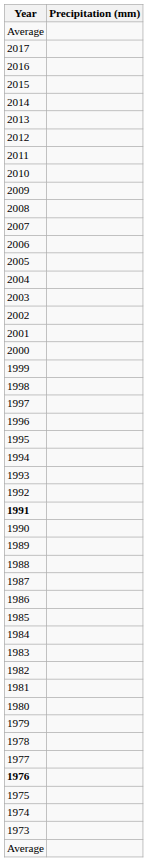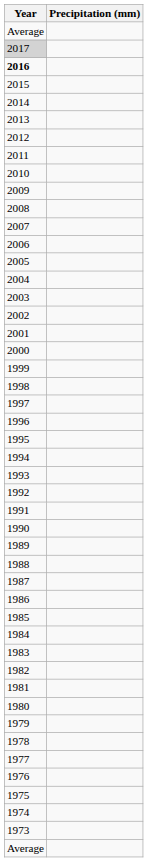 <table class="wikitable sortable">
 <tr>
 <th>Year</th>
 <th>Precipitation (mm)</th>
 </tr>
 <tr>
 <td>Average</td>
 <td></td>
 </tr>
 <tr>
-<td>2017</td>
+<td style="background: lightgrey;">2017</td>
 <td></td>
 </tr>
 <tr>
-<td>2016</td>
+<td><strong>2016</strong></td>
 <td></td>
 </tr>
 <tr>
 <td>2015</td>
 <td></td>
 </tr>
 <tr>
 <td>2014</td>
 <td></td>
 </tr>
 <tr>
 <td>2013</td>
 <td></td>
 </tr>
 <tr>
 <td>2012</td>
 <td></td>
 </tr>
 <tr>
 <td>2011</td>
 <td></td>
 </tr>
 <tr>
 <td>2010</td>
 <td></td>
 </tr>
 <tr>
 <td>2009</td>
 <td></td>
 </tr>
 <tr>
 <td>2008</td>
 <td></td>
 </tr>
 <tr>
 <td>2007</td>
 <td></td>
 </tr>
 <tr>
 <td>2006</td>
 <td></td>
 </tr>
 <tr>
 <td>2005</td>
 <td></td>
 </tr>
 <tr>
 <td>2004</td>
 <td></td>
 </tr>
 <tr>
 <td>2003</td>
 <td></td>
 </tr>
 <tr>
 <td>2002</td>
 <td></td>
 </tr>
 <tr>
 <td>2001</td>
 <td></td>
 </tr>
 <tr>
 <td>2000</td>
 <td></td>
 </tr>
 <tr>
 <td>1999</td>
 <td></td>
 </tr>
 <tr>
 <td>1998</td>
 <td></td>
 </tr>
 <tr>
 <td>1997</td>
 <td></td>
 </tr>
 <tr>
 <td>1996</td>
 <td></td>
 </tr>
 <tr>
 <td>1995</td>
 <td></td>
 </tr>
 <tr>
 <td>1994</td>
 <td></td>
 </tr>
 <tr>
 <td>1993</td>
 <td></td>
 </tr>
 <tr>
 <td>1992</td>
 <td></td>
 </tr>
 <tr>
-<td><strong>1991</strong></td>
+<td>1991</td>
 <td></td>
 </tr>
 <tr>
 <td>1990</td>
 <td></td>
 </tr>
 <tr>
 <td>1989</td>
 <td></td>
 </tr>
 <tr>
 <td>1988</td>
 <td></td>
 </tr>
 <tr>
 <td>1987</td>
 <td></td>
 </tr>
 <tr>
 <td>1986</td>
 <td></td>
 </tr>
 <tr>
 <td>1985</td>
 <td></td>
 </tr>
 <tr>
 <td>1984</td>
 <td></td>
 </tr>
 <tr>
 <td>1983</td>
 <td></td>
 </tr>
 <tr>
 <td>1982</td>
 <td></td>
 </tr>
 <tr>
 <td>1981</td>
 <td></td>
 </tr>
 <tr>
 <td>1980</td>
 <td></td>
 </tr>
 <tr>
 <td>1979</td>
 <td></td>
 </tr>
 <tr>
 <td>1978</td>
 <td></td>
 </tr>
 <tr>
 <td>1977</td>
 <td></td>
 </tr>
 <tr>
-<td><strong>1976</strong></td>
+<td>1976</td>
 <td></td>
 </tr>
 <tr>
 <td>1975</td>
 <td></td>
 </tr>
 <tr>
 <td>1974</td>
 <td></td>
 </tr>
 <tr>
 <td>1973</td>
 <td></td>
 </tr>
 <tr>
 <td>Average</td>
 <td></td>
 </tr>
 </table>
